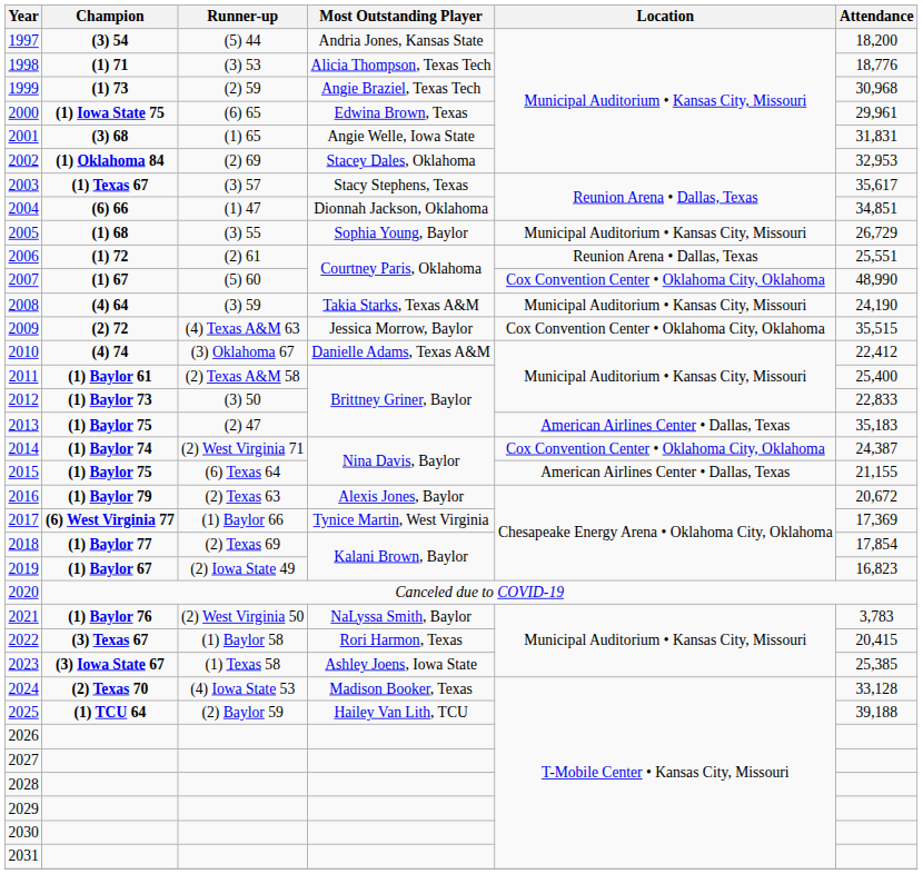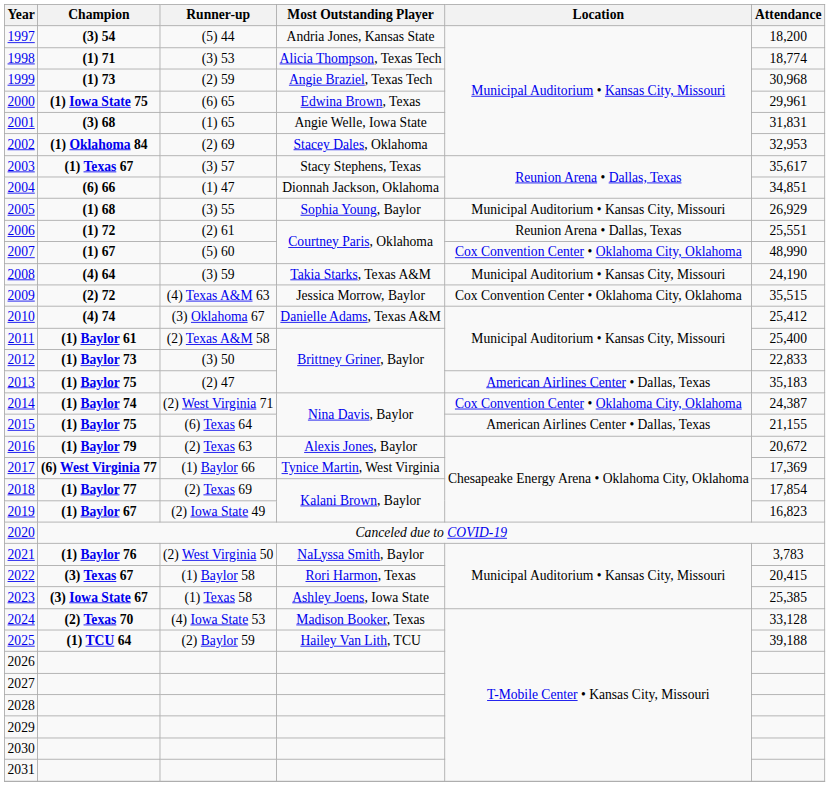 <table class="wikitable sortable" style="text-align:center">
 <tr>
 <th width=px>Year</th>
 <th width=px>Champion</th>
 <th width=px>Runner-up</th>
 <th width=px>Most Outstanding Player</th>
 <th width=px>Location</th>
 <th width=px>Attendance</th>
 </tr>
 <tr>
 <td><a href='#'>1997</a></td>
 <td><strong>(3)  54</strong></td>
 <td>(5)  44</td>
 <td>Andria Jones, Kansas State</td>
 <td rowspan="6"><a href='#'>Municipal Auditorium</a> • <a href='#'>Kansas City, Missouri</a></td>
 <td>18,200</td>
 </tr>
 <tr>
 <td><a href='#'>1998</a></td>
 <td><strong>(1)  71</strong></td>
 <td>(3)  53</td>
 <td><a href='#'>Alicia Thompson</a>, Texas Tech</td>
-<td>18,776</td>
+<td>18,774</td>
 </tr>
 <tr>
 <td><a href='#'>1999</a></td>
 <td><strong>(1)  73</strong></td>
 <td>(2)  59</td>
 <td><a href='#'>Angie Braziel</a>, Texas Tech</td>
 <td>30,968</td>
 </tr>
 <tr>
 <td><a href='#'>2000</a></td>
 <td><strong>(1) <a href='#'>Iowa State</a> 75</strong></td>
 <td>(6)  65</td>
 <td><a href='#'>Edwina Brown</a>, Texas</td>
 <td>29,961</td>
 </tr>
 <tr>
 <td><a href='#'>2001</a></td>
 <td><strong>(3)  68</strong></td>
 <td>(1)  65</td>
 <td>Angie Welle, Iowa State</td>
 <td>31,831</td>
 </tr>
 <tr>
 <td><a href='#'>2002</a></td>
 <td><strong>(1) <a href='#'>Oklahoma</a> 84</strong></td>
 <td>(2)  69</td>
 <td><a href='#'>Stacey Dales</a>, Oklahoma</td>
 <td>32,953</td>
 </tr>
 <tr>
 <td><a href='#'>2003</a></td>
 <td><strong>(1) <a href='#'>Texas</a> 67</strong></td>
 <td>(3)  57</td>
 <td>Stacy Stephens, Texas</td>
 <td rowspan="2"><a href='#'>Reunion Arena</a> • <a href='#'>Dallas, Texas</a></td>
 <td>35,617</td>
 </tr>
 <tr>
 <td><a href='#'>2004</a></td>
 <td><strong>(6)  66</strong></td>
 <td>(1)  47</td>
 <td>Dionnah Jackson, Oklahoma</td>
 <td>34,851</td>
 </tr>
 <tr>
 <td><a href='#'>2005</a></td>
 <td><strong>(1)  68</strong></td>
 <td>(3)  55</td>
 <td><a href='#'>Sophia Young</a>, Baylor</td>
 <td>Municipal Auditorium • Kansas City, Missouri</td>
-<td>26,729</td>
+<td>26,929</td>
 </tr>
 <tr>
 <td><a href='#'>2006</a></td>
 <td><strong>(1)  72</strong></td>
 <td>(2)  61</td>
 <td rowspan="2"><a href='#'>Courtney Paris</a>, Oklahoma</td>
 <td>Reunion Arena • Dallas, Texas</td>
 <td>25,551</td>
 </tr>
 <tr>
 <td><a href='#'>2007</a></td>
 <td><strong>(1)  67</strong></td>
 <td>(5)  60</td>
 <td><a href='#'>Cox Convention Center</a> • <a href='#'>Oklahoma City, Oklahoma</a></td>
 <td>48,990</td>
 </tr>
 <tr>
 <td><a href='#'>2008</a></td>
 <td><strong>(4)  64</strong></td>
 <td>(3)  59</td>
 <td><a href='#'>Takia Starks</a>, Texas A&M</td>
 <td>Municipal Auditorium • Kansas City, Missouri</td>
 <td>24,190</td>
 </tr>
 <tr>
 <td><a href='#'>2009</a></td>
 <td><strong>(2)  72</strong></td>
 <td>(4) <a href='#'>Texas A&M</a> 63</td>
 <td>Jessica Morrow, Baylor</td>
 <td>Cox Convention Center • Oklahoma City, Oklahoma</td>
 <td>35,515</td>
 </tr>
 <tr>
 <td><a href='#'>2010</a></td>
 <td><strong>(4)  74</strong></td>
 <td>(3) <a href='#'>Oklahoma</a> 67</td>
 <td><a href='#'>Danielle Adams</a>, Texas A&M</td>
 <td rowspan="3">Municipal Auditorium • Kansas City, Missouri</td>
-<td>22,412</td>
+<td>25,412</td>
 </tr>
 <tr>
 <td><a href='#'>2011</a></td>
 <td><strong>(1) <a href='#'>Baylor</a> 61</strong></td>
 <td>(2) <a href='#'>Texas A&M</a> 58</td>
 <td rowspan="3"><a href='#'>Brittney Griner</a>, Baylor</td>
 <td>25,400</td>
 </tr>
 <tr>
 <td><a href='#'>2012</a></td>
 <td><strong>(1) <a href='#'>Baylor</a> 73</strong></td>
 <td>(3)  50</td>
 <td>22,833</td>
 </tr>
 <tr>
 <td><a href='#'>2013</a></td>
 <td><strong>(1) <a href='#'>Baylor</a> 75</strong></td>
 <td>(2)  47</td>
 <td><a href='#'>American Airlines Center</a> • Dallas, Texas</td>
 <td>35,183</td>
 </tr>
 <tr>
 <td><a href='#'>2014</a></td>
 <td><strong>(1) <a href='#'>Baylor</a> 74</strong></td>
 <td>(2) <a href='#'>West Virginia</a> 71</td>
 <td rowspan="2"><a href='#'>Nina Davis</a>, Baylor</td>
 <td><a href='#'>Cox Convention Center</a> • <a href='#'>Oklahoma City, Oklahoma</a></td>
 <td>24,387</td>
 </tr>
 <tr>
 <td><a href='#'>2015</a></td>
 <td><strong>(1) <a href='#'>Baylor</a> 75</strong></td>
 <td>(6) <a href='#'>Texas</a> 64</td>
 <td>American Airlines Center • Dallas, Texas</td>
 <td>21,155</td>
 </tr>
 <tr>
 <td><a href='#'>2016</a></td>
 <td><strong>(1) <a href='#'>Baylor</a> 79</strong></td>
 <td>(2) <a href='#'>Texas</a> 63</td>
 <td><a href='#'>Alexis Jones</a>, Baylor</td>
 <td rowspan="4">Chesapeake Energy Arena • Oklahoma City, Oklahoma</td>
 <td>20,672</td>
 </tr>
 <tr>
 <td><a href='#'>2017</a></td>
 <td><strong>(6) <a href='#'>West Virginia</a> 77</strong></td>
 <td>(1) <a href='#'>Baylor</a> 66</td>
 <td><a href='#'>Tynice Martin</a>, West Virginia</td>
 <td>17,369</td>
 </tr>
 <tr>
 <td><a href='#'>2018</a></td>
 <td><strong>(1) <a href='#'>Baylor</a> 77</strong></td>
 <td>(2) <a href='#'>Texas</a> 69</td>
 <td rowspan="2"><a href='#'>Kalani Brown</a>, Baylor</td>
 <td>17,854</td>
 </tr>
 <tr>
 <td><a href='#'>2019</a></td>
 <td><strong>(1) <a href='#'>Baylor</a> 67</strong></td>
 <td>(2) <a href='#'>Iowa State</a> 49</td>
 <td>16,823</td>
 </tr>
 <tr>
 <td><a href='#'>2020</a></td>
 <td colspan="5"><em>Canceled due to <a href='#'>COVID-19</a></em></td>
 </tr>
 <tr>
 <td><a href='#'>2021</a></td>
 <td><strong>(1) <a href='#'>Baylor</a> 76</strong></td>
 <td>(2) <a href='#'>West Virginia</a> 50</td>
 <td><a href='#'>NaLyssa Smith</a>, Baylor</td>
 <td rowspan="3">Municipal Auditorium • Kansas City, Missouri</td>
 <td>3,783</td>
 </tr>
 <tr>
 <td><a href='#'>2022</a></td>
 <td><strong>(3) <a href='#'>Texas</a> 67</strong></td>
 <td>(1) <a href='#'>Baylor</a> 58</td>
 <td><a href='#'>Rori Harmon</a>, Texas</td>
 <td>20,415</td>
 </tr>
 <tr>
 <td><a href='#'>2023</a></td>
 <td><strong>(3) <a href='#'>Iowa State</a> 67</strong></td>
 <td>(1) <a href='#'>Texas</a> 58</td>
 <td><a href='#'>Ashley Joens</a>, Iowa State</td>
 <td>25,385</td>
 </tr>
 <tr>
 <td><a href='#'>2024</a></td>
 <td><strong>(2) <a href='#'>Texas</a> 70</strong></td>
 <td>(4) <a href='#'>Iowa State</a> 53</td>
 <td><a href='#'>Madison Booker</a>, Texas</td>
 <td rowspan="8"><a href='#'>T-Mobile Center</a> • Kansas City, Missouri</td>
 <td>33,128</td>
 </tr>
 <tr>
 <td><a href='#'>2025</a></td>
 <td><strong>(1) <a href='#'>TCU</a> 64</strong></td>
 <td>(2) <a href='#'>Baylor</a> 59</td>
 <td><a href='#'>Hailey Van Lith</a>, TCU</td>
 <td>39,188</td>
 </tr>
 <tr>
 <td>2026</td>
 <td></td>
 <td></td>
 <td></td>
 <td></td>
 </tr>
 <tr>
 <td>2027</td>
 <td></td>
 <td></td>
 <td></td>
 <td></td>
 </tr>
 <tr>
 <td>2028</td>
 <td></td>
 <td></td>
 <td></td>
 <td></td>
 </tr>
 <tr>
 <td>2029</td>
 <td></td>
 <td></td>
 <td></td>
 <td></td>
 </tr>
 <tr>
 <td>2030</td>
 <td></td>
 <td></td>
 <td></td>
 <td></td>
 </tr>
 <tr>
 <td>2031</td>
 <td></td>
 <td></td>
 <td></td>
 <td></td>
 </tr>
 <tr>
 </tr>
 </table>
